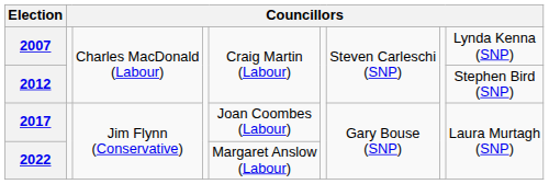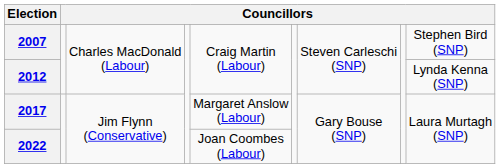 <table class="wikitable" style="text-align:center">
 <tr>
 <th>Election</th>
 <th colspan=8>Councillors</th>
 </tr>
 <tr>
 <th><a href='#'>2007</a></th>
 <td rowspan=2; style="background-color: "></td>
 <td rowspan=2>Charles MacDonald<br>(<a href='#'>Labour</a>)</td>
 <td rowspan=4; style="background-color: "></td>
 <td rowspan=2>Craig Martin<br>(<a href='#'>Labour</a>)</td>
 <td rowspan=4; style="background-color: "></td>
 <td rowspan=2>Steven Carleschi<br>(<a href='#'>SNP</a>)</td>
 <td rowspan=4; style="background-color: "></td>
-<td>Lynda Kenna<br>(<a href='#'>SNP</a>)</td>
+<td>Stephen Bird<br>(<a href='#'>SNP</a>)</td>
 </tr>
 <tr>
 <th><a href='#'>2012</a></th>
-<td>Stephen Bird<br>(<a href='#'>SNP</a>)</td>
+<td>Lynda Kenna<br>(<a href='#'>SNP</a>)</td>
 </tr>
 <tr>
 <th><a href='#'>2017</a></th>
 <td rowspan=2; style="background-color: "></td>
 <td rowspan=2>Jim Flynn<br>(<a href='#'>Conservative</a>)</td>
-<td>Joan Coombes<br>(<a href='#'>Labour</a>)</td>
+<td rowspan=1>Margaret Anslow<br>(<a href='#'>Labour</a>)</td>
 <td rowspan=2>Gary Bouse<br>(<a href='#'>SNP</a>)</td>
 <td rowspan=2>Laura Murtagh<br>(<a href='#'>SNP</a>)</td>
 </tr>
 <tr>
 <th><a href='#'>2022</a></th>
-<td rowspan=1>Margaret Anslow<br>(<a href='#'>Labour</a>)</td>
+<td>Joan Coombes<br>(<a href='#'>Labour</a>)</td>
 </tr>
 </table>
